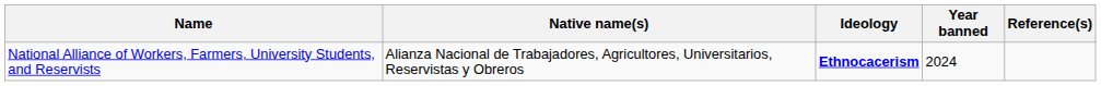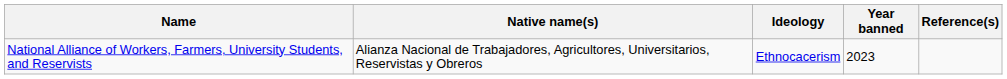 <table class="wikitable sortable">
 <tr>
 <th>Name</th>
 <th>Native name(s)</th>
 <th>Ideology</th>
 <th>Year banned</th>
 <th>Reference(s)</th>
 </tr>
 <tr>
 <td><a href='#'>National Alliance of Workers, Farmers, University Students, and Reservists</a></td>
 <td>Alianza Nacional de Trabajadores, Agricultores, Universitarios, Reservistas y Obreros</td>
-<td><strong><a href='#'>Ethnocacerism</a></strong></td>
-<td>2024</td>
+<td><a href='#'>Ethnocacerism</a></td>
+<td>2023</td>
 <td></td>
 </tr>
 </table>
